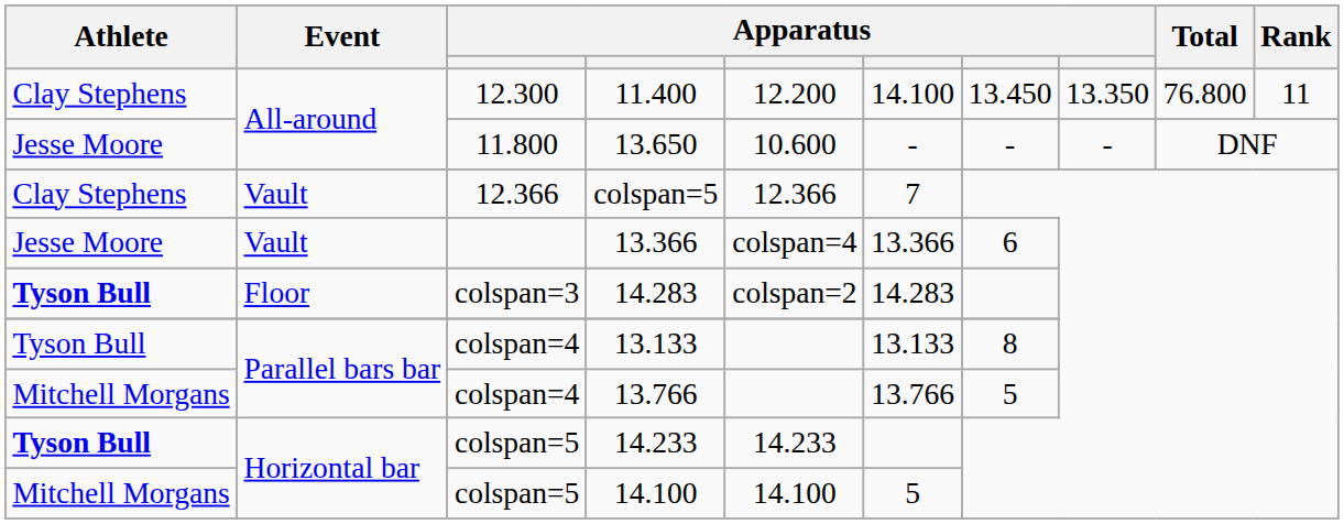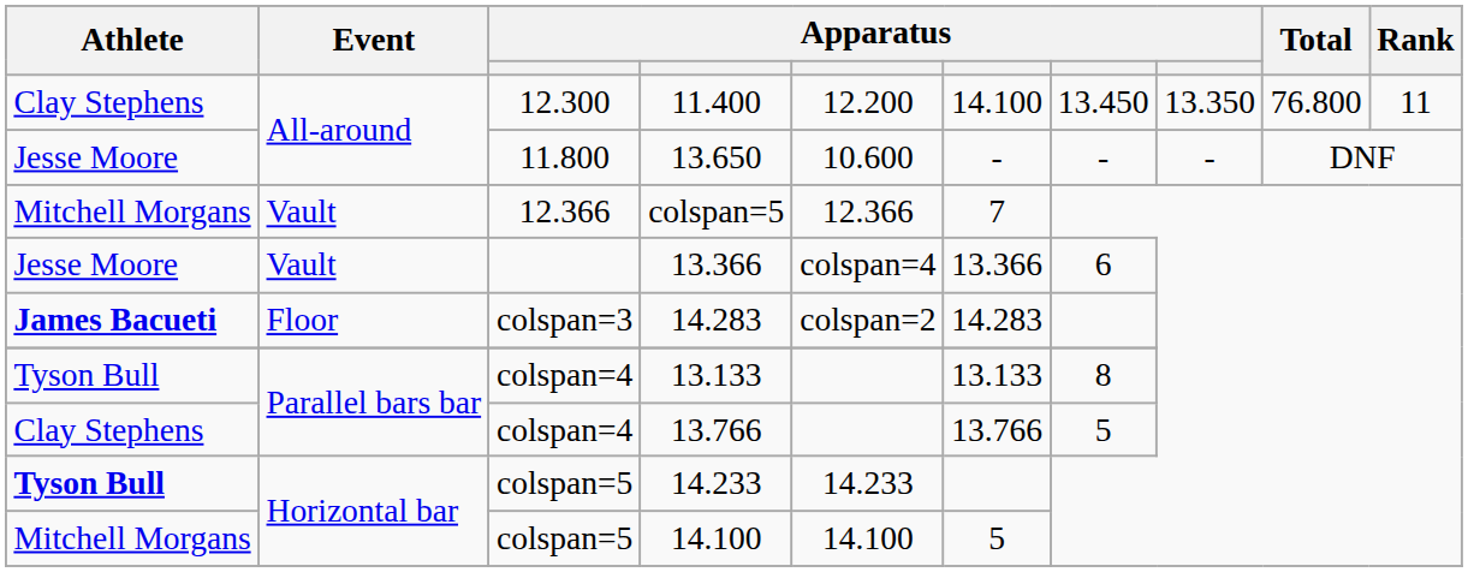 <table class=wikitable style=font-size:90%;text-align:center>
 <tr>
 <th rowspan=2>Athlete</th>
 <th rowspan=2>Event</th>
 <th colspan=6>Apparatus</th>
 <th rowspan=2>Total</th>
 <th rowspan=2>Rank</th>
 </tr>
 <tr style=font-size:95%>
 <th></th>
 <th></th>
 <th></th>
 <th></th>
 <th></th>
 <th></th>
 </tr>
 <tr>
 <td align=left><a href='#'>Clay Stephens</a></td>
 <td align=left rowspan=2><a href='#'>All-around</a></td>
 <td>12.300</td>
 <td>11.400</td>
 <td>12.200</td>
 <td>14.100</td>
 <td>13.450</td>
 <td>13.350</td>
 <td>76.800</td>
 <td>11</td>
 </tr>
 <tr>
 <td align=left><a href='#'>Jesse Moore</a></td>
 <td>11.800</td>
 <td>13.650</td>
 <td>10.600</td>
 <td>-</td>
 <td>-</td>
 <td>-</td>
 <td colspan=2>DNF</td>
 </tr>
 <tr>
-<td align=left><a href='#'>Clay Stephens</a></td>
+<td align=left><a href='#'>Mitchell Morgans</a></td>
 <td align=left><a href='#'>Vault</a></td>
 <td>12.366</td>
 <td>colspan=5 </td>
 <td>12.366</td>
 <td>7</td>
 </tr>
 <tr>
 <td align=left><a href='#'>Jesse Moore</a></td>
 <td align=left><a href='#'>Vault</a></td>
 <td></td>
 <td>13.366</td>
 <td>colspan=4 </td>
 <td>13.366</td>
 <td>6</td>
 </tr>
 <tr>
-<td align=left><strong><a href='#'>Tyson Bull</a></strong></td>
+<td align=left><strong><a href='#'>James Bacueti</a></strong></td>
 <td align=left><a href='#'>Floor</a></td>
 <td>colspan=3 </td>
 <td>14.283</td>
 <td>colspan=2 </td>
 <td>14.283</td>
 <td></td>
 </tr>
 <tr>
 </tr>
 <tr>
 <td align=left><a href='#'>Tyson Bull</a></td>
 <td align=left rowspan=2><a href='#'>Parallel bars bar</a></td>
 <td>colspan=4 </td>
 <td>13.133</td>
 <td></td>
 <td>13.133</td>
 <td>8</td>
 </tr>
 <tr>
-<td align=left><a href='#'>Mitchell Morgans</a></td>
+<td align=left><a href='#'>Clay Stephens</a></td>
 <td>colspan=4 </td>
 <td>13.766</td>
 <td></td>
 <td>13.766</td>
 <td>5</td>
 </tr>
 <tr>
 <td align=left><strong><a href='#'>Tyson Bull</a></strong></td>
 <td align=left rowspan=2><a href='#'>Horizontal bar</a></td>
 <td>colspan=5 </td>
 <td>14.233</td>
 <td>14.233</td>
 <td></td>
 </tr>
 <tr>
 <td align=left><a href='#'>Mitchell Morgans</a></td>
 <td>colspan=5 </td>
 <td>14.100</td>
 <td>14.100</td>
 <td>5</td>
 </tr>
 </table>
